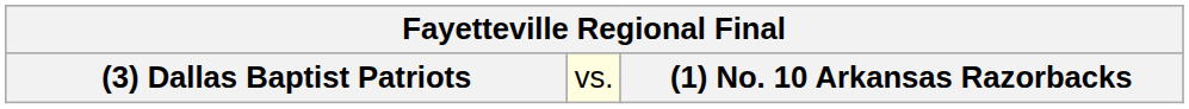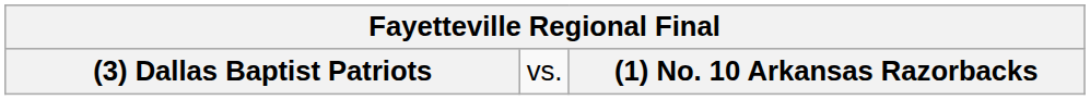 <table class="wikitable">
 <tr>
 <th style="width: 595px;" colspan=3>Fayetteville Regional Final</th>
 </tr>
 <tr>
 <th style="width: 287px; ">(3) Dallas Baptist Patriots</th>
-<td style="background: lightyellow; width: 20px; text-align:center">vs.</td>
+<td style="width: 20px; text-align:center">vs.</td>
 <th style="width: 287px; ">(1) No. 10 Arkansas Razorbacks</th>
 </tr>
 </table>
